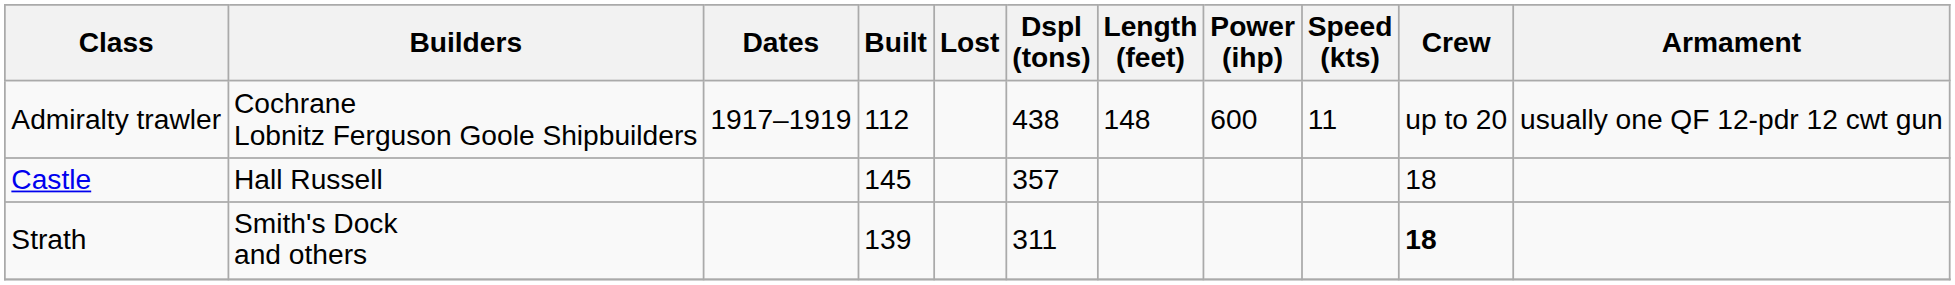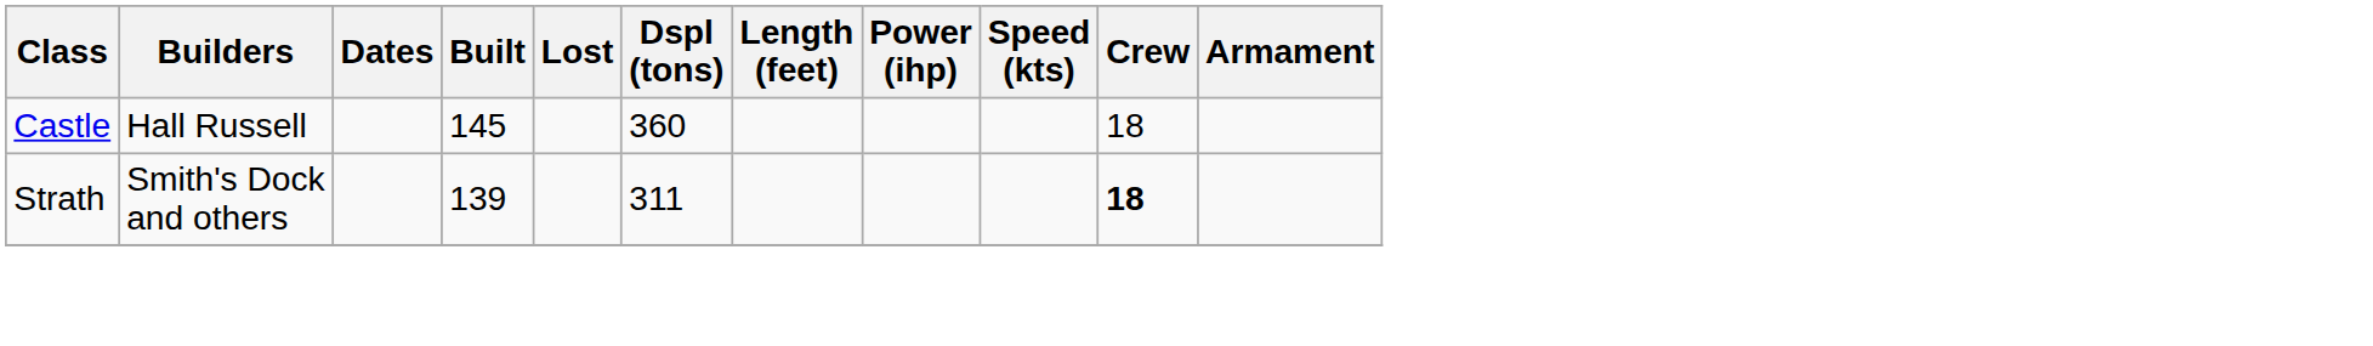 <table class="wikitable">
 <tr>
 <th>Class</th>
 <th>Builders</th>
 <th>Dates</th>
 <th>Built</th>
 <th>Lost</th>
 <th>Dspl<br>(tons)</th>
 <th>Length<br>(feet)</th>
 <th>Power<br>(ihp)</th>
 <th>Speed<br>(kts)</th>
 <th>Crew</th>
 <th>Armament</th>
 </tr>
 <tr>
-<td> Admiralty trawler</td>
-<td>Cochrane<br>Lobnitz Ferguson Goole Shipbuilders</td>
-<td>1917–1919</td>
-<td>112</td>
-<td></td>
-<td>438</td>
-<td>148</td>
-<td>600</td>
-<td>11</td>
-<td>up to 20</td>
-<td>usually one QF 12-pdr 12 cwt gun</td>
-</tr>
-<tr>
 <td><a href='#'>Castle</a></td>
 <td>Hall Russell</td>
 <td></td>
 <td>145</td>
 <td></td>
-<td>357</td>
+<td>360</td>
 <td></td>
 <td></td>
 <td></td>
 <td>18</td>
 <td></td>
 </tr>
 <tr>
 <td>Strath</td>
 <td>Smith's Dock<br>and others</td>
 <td></td>
 <td>139</td>
 <td></td>
 <td>311</td>
 <td></td>
 <td></td>
 <td></td>
 <td><strong>18</strong></td>
 <td></td>
 </tr>
 <tr>
 </tr>
 </table>
